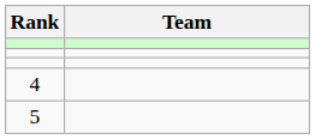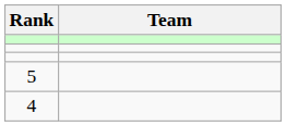 <table class=wikitable style="text-align:center;">
 <tr>
 <th>Rank</th>
 <th width=180>Team</th>
 </tr>
 <tr bgcolor=#ccffcc>
 <td></td>
 <td align=left></td>
 </tr>
 <tr>
 <td></td>
 <td align=left></td>
 </tr>
 <tr>
 <td></td>
 <td align=left></td>
 </tr>
 <tr>
+<td>5</td>
+<td align=left></td>
+</tr>
+<tr>
 <td>4</td>
 <td align=left></td>
 </tr>
-<tr>
-<td>5</td>
-<td align=left></td>
-</tr>
 </table>
